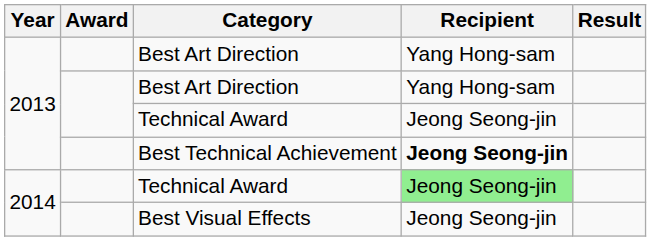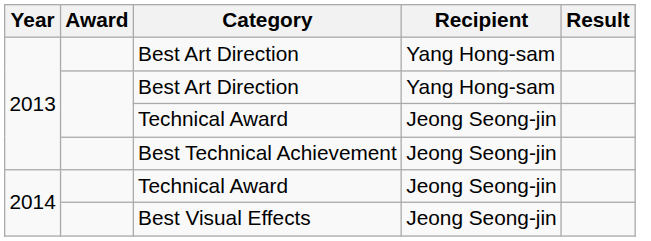 <table class="wikitable">
 <tr>
 <th>Year</th>
 <th>Award</th>
 <th>Category</th>
 <th>Recipient</th>
 <th>Result</th>
 </tr>
 <tr>
 <td rowspan=4>2013</td>
 <td></td>
 <td>Best Art Direction</td>
 <td>Yang Hong-sam</td>
 <td></td>
 </tr>
 <tr>
 <td rowspan=2></td>
 <td>Best Art Direction</td>
 <td>Yang Hong-sam</td>
 <td></td>
 </tr>
 <tr>
 <td>Technical Award</td>
 <td>Jeong Seong-jin</td>
 <td></td>
 </tr>
 <tr>
 <td></td>
 <td>Best Technical Achievement</td>
-<td><strong>Jeong Seong-jin</strong></td>
+<td>Jeong Seong-jin</td>
 <td></td>
 </tr>
 <tr>
 <td rowspan=2>2014</td>
 <td></td>
 <td>Technical Award</td>
-<td style="background: lightgreen;">Jeong Seong-jin</td>
+<td>Jeong Seong-jin</td>
 <td></td>
 </tr>
 <tr>
 <td></td>
 <td>Best Visual Effects</td>
 <td>Jeong Seong-jin</td>
 <td></td>
 </tr>
 </table>
